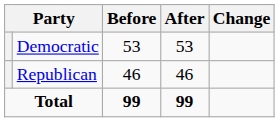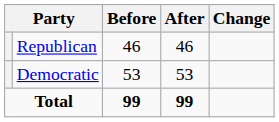 <table class="wikitable" style="text-align:center;">
 <tr>
 <th colspan="2">Party</th>
 <th>Before</th>
 <th>After</th>
 <th>Change</th>
 </tr>
 <tr>
 <th style="background-color:"></th>
-<td style="text-align:left;"><a href='#'>Democratic</a></td>
-<td>53</td>
-<td>53</td>
+<td style="text-align:left;"><a href='#'>Republican</a></td>
+<td>46</td>
+<td>46</td>
 <td></td>
 </tr>
 <tr>
 <th style="background-color:"></th>
-<td style="text-align:left;"><a href='#'>Republican</a></td>
-<td>46</td>
-<td>46</td>
+<td style="text-align:left;"><a href='#'>Democratic</a></td>
+<td>53</td>
+<td>53</td>
 <td></td>
 </tr>
 <tr>
 <td colspan="2"><strong>Total</strong></td>
 <td><strong>99</strong></td>
 <td><strong>99</strong></td>
 <td></td>
 </tr>
 </table>
